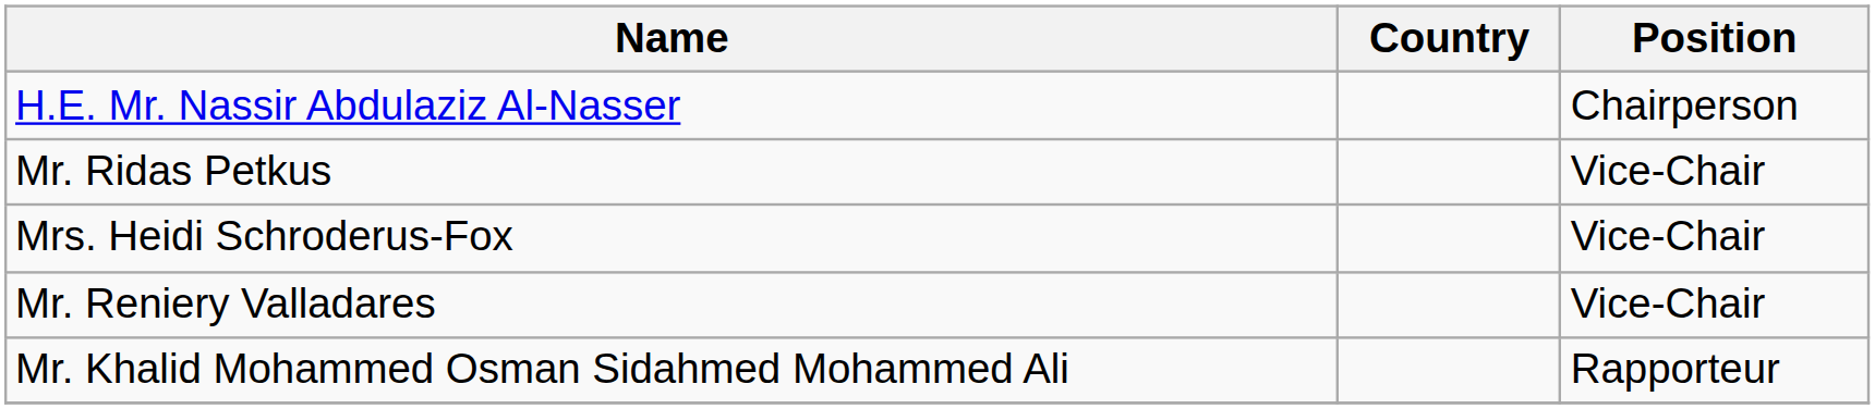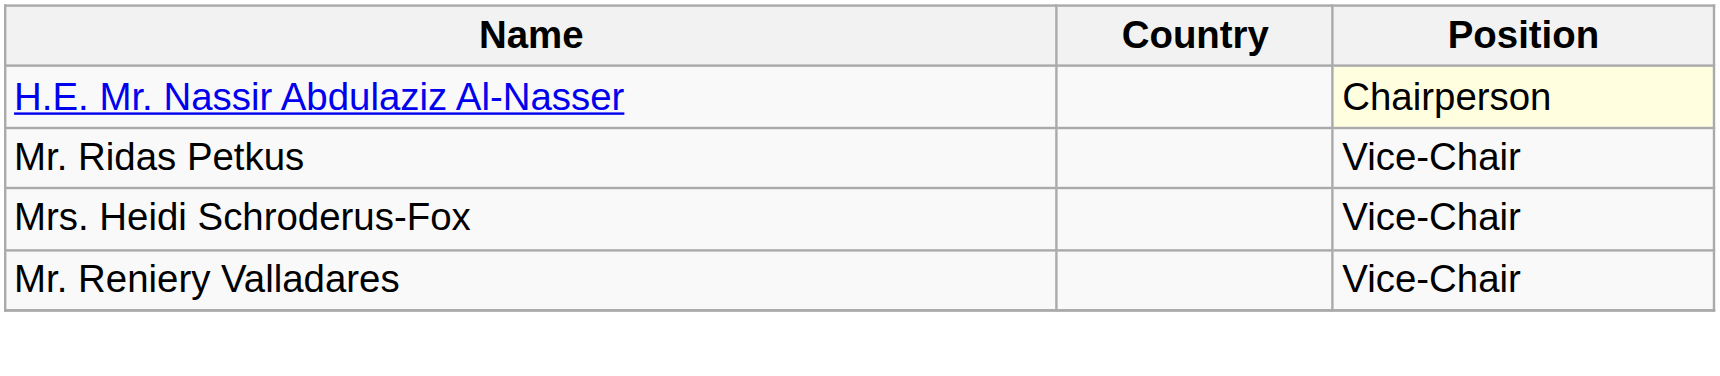 <table class="wikitable" style="display: inline-table; width: 45%;">
 <tr>
 <th>Name</th>
 <th>Country</th>
 <th>Position</th>
 </tr>
 <tr>
 <td><a href='#'>H.E. Mr. Nassir Abdulaziz Al-Nasser</a></td>
 <td></td>
-<td>Chairperson</td>
+<td style="background: lightyellow;">Chairperson</td>
 </tr>
 <tr>
 <td>Mr. Ridas Petkus</td>
 <td></td>
 <td>Vice-Chair</td>
 </tr>
 <tr>
 <td>Mrs. Heidi Schroderus-Fox</td>
 <td></td>
 <td>Vice-Chair</td>
 </tr>
 <tr>
 <td>Mr. Reniery Valladares</td>
 <td></td>
 <td>Vice-Chair</td>
 </tr>
 <tr>
-<td>Mr. Khalid Mohammed Osman Sidahmed Mohammed Ali</td>
-<td></td>
-<td>Rapporteur</td>
-</tr>
-<tr>
 </tr>
 </table>
